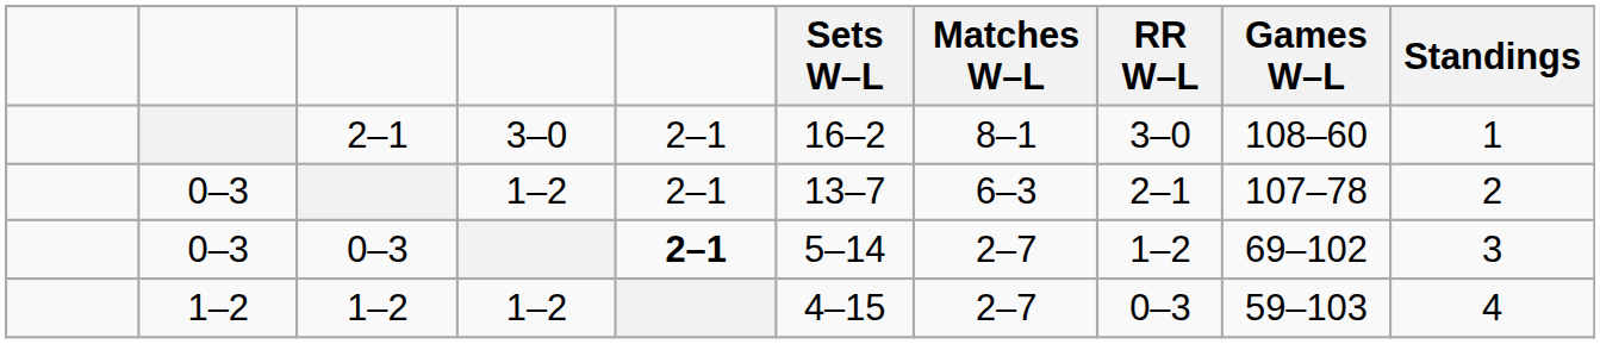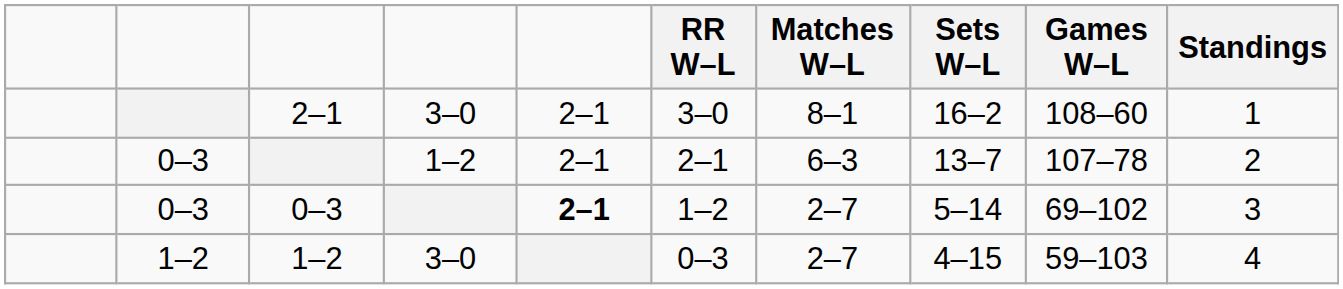 <table class="wikitable" style="width: 100%; text-align:center; font-size:90%">
 <tr>
 <td width=130></td>
 <td width=130></td>
 <td width=130></td>
 <td width=130></td>
 <td width=130></td>
+<th width=80>RR W–L</th>
+<th width=80>Matches W–L</th>
 <th width=80>Sets W–L</th>
-<th width=80>Matches W–L</th>
-<th width=80>RR W–L</th>
 <th width=80>Games W–L</th>
 <th width=80>Standings</th>
 </tr>
 <tr>
 <td style="text-align:left;"></td>
 <th bgcolor="ededed"></th>
 <td>2–1</td>
 <td>3–0</td>
 <td>2–1</td>
+<td>3–0</td>
+<td>8–1</td>
 <td>16–2</td>
-<td>8–1</td>
-<td>3–0</td>
 <td>108–60</td>
 <td>1</td>
 </tr>
 <tr>
 <td style="text-align:left;"></td>
 <td>0–3</td>
 <th bgcolor="ededed"></th>
 <td>1–2</td>
 <td>2–1</td>
+<td>2–1</td>
+<td>6–3</td>
 <td>13–7</td>
-<td>6–3</td>
-<td>2–1</td>
 <td>107–78</td>
 <td>2</td>
 </tr>
 <tr>
 <td style="text-align:left;"></td>
 <td>0–3</td>
 <td>0–3</td>
 <th bgcolor="ededed"></th>
 <td><strong>2–1</strong></td>
+<td>1–2</td>
+<td>2–7</td>
 <td>5–14</td>
-<td>2–7</td>
-<td>1–2</td>
 <td>69–102</td>
 <td>3</td>
 </tr>
 <tr>
 <td style="text-align:left;"></td>
 <td>1–2</td>
 <td>1–2</td>
-<td>1–2</td>
+<td>3–0</td>
 <th bgcolor="ededed"></th>
+<td>0–3</td>
+<td>2–7</td>
 <td>4–15</td>
-<td>2–7</td>
-<td>0–3</td>
 <td>59–103</td>
 <td>4</td>
 </tr>
 </table>
